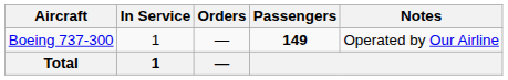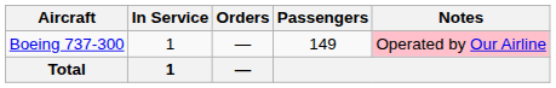 <table class="wikitable" style="border-collapse:collapse;text-align:center;margin:auto;">
 <tr>
 <th>Aircraft</th>
 <th>In Service</th>
 <th>Orders</th>
 <th>Passengers</th>
 <th>Notes</th>
 </tr>
 <tr>
 <td><a href='#'>Boeing 737-300</a></td>
 <td>1</td>
 <td>—</td>
-<td><strong>149</strong></td>
-<td>Operated by <a href='#'>Our Airline</a></td>
+<td>149</td>
+<td style="background: pink;">Operated by <a href='#'>Our Airline</a></td>
 </tr>
 <tr>
 <th>Total</th>
 <th>1</th>
 <th>—</th>
 <th colspan="3"></th>
 </tr>
 </table>
